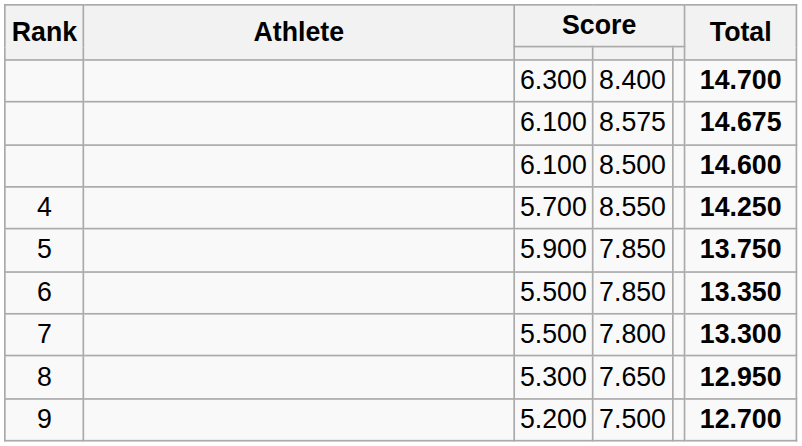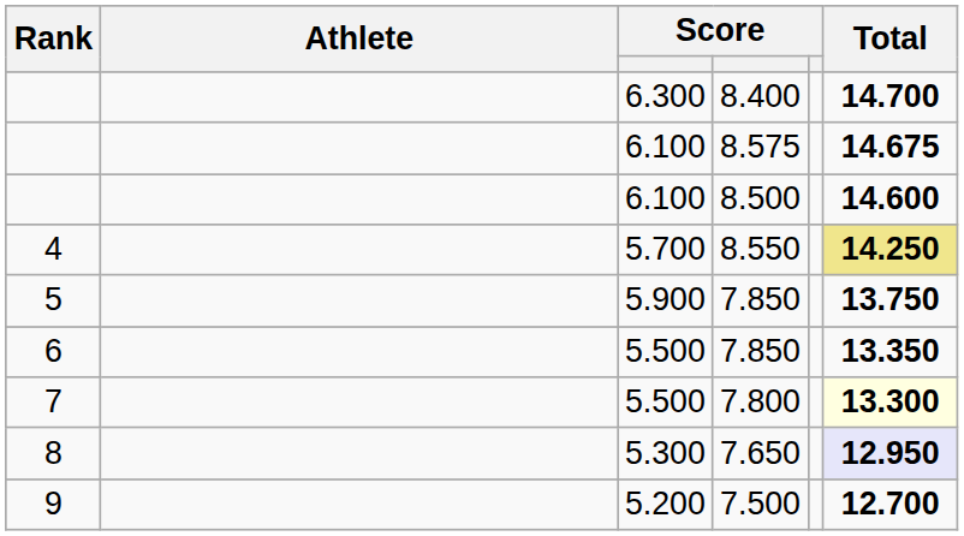 <table class=wikitable style="text-align:center">
 <tr>
 <th width="40" rowspan="2">Rank</th>
 <th width="250" rowspan="2">Athlete</th>
 <th width="60" colspan="3">Score</th>
 <th width="60" rowspan="2">Total</th>
 </tr>
 <tr>
 <th></th>
 <th></th>
 <th></th>
 </tr>
 <tr>
 <td></td>
 <td align="left"></td>
 <td>6.300</td>
 <td>8.400</td>
 <td></td>
 <td><strong>14.700</strong></td>
 </tr>
 <tr>
 <td></td>
 <td align="left"></td>
 <td>6.100</td>
 <td>8.575</td>
 <td></td>
 <td><strong>14.675</strong></td>
 </tr>
 <tr>
 <td></td>
 <td align="left"></td>
 <td>6.100</td>
 <td>8.500</td>
 <td></td>
 <td><strong>14.600</strong></td>
 </tr>
 <tr>
 <td>4</td>
 <td align="left"></td>
 <td>5.700</td>
 <td>8.550</td>
 <td></td>
-<td><strong>14.250</strong></td>
+<td style="background: khaki;"><strong>14.250</strong></td>
 </tr>
 <tr>
 <td>5</td>
 <td align="left"></td>
 <td>5.900</td>
 <td>7.850</td>
 <td></td>
 <td><strong>13.750</strong></td>
 </tr>
 <tr>
 <td>6</td>
 <td align="left"></td>
 <td>5.500</td>
 <td>7.850</td>
 <td></td>
 <td><strong>13.350</strong></td>
 </tr>
 <tr>
 <td>7</td>
 <td align="left"></td>
 <td>5.500</td>
 <td>7.800</td>
 <td></td>
-<td><strong>13.300</strong></td>
+<td style="background: lightyellow;"><strong>13.300</strong></td>
 </tr>
 <tr>
 <td>8</td>
 <td align="left"></td>
 <td>5.300</td>
 <td>7.650</td>
 <td></td>
-<td><strong>12.950</strong></td>
+<td style="background: lavender;"><strong>12.950</strong></td>
 </tr>
 <tr>
 <td>9</td>
 <td align="left"></td>
 <td>5.200</td>
 <td>7.500</td>
 <td></td>
 <td><strong>12.700</strong></td>
 </tr>
 </table>
